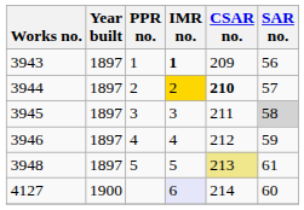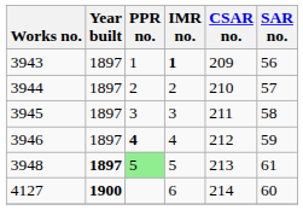 <table class="wikitable collapsible sortable" style="margin:0.5em auto; font-size:100%;">
 <tr>
 <th><br>Works no.</th>
 <th>Year<br>built</th>
 <th>PPR<br>no.</th>
 <th>IMR<br>no.</th>
 <th><a href='#'>CSAR</a><br>no.</th>
 <th><a href='#'>SAR</a><br>no.</th>
 </tr>
 <tr>
 <td>3943</td>
 <td>1897</td>
 <td>1</td>
 <td><strong>1</strong></td>
 <td>209</td>
 <td>56</td>
 </tr>
 <tr>
 <td>3944</td>
 <td>1897</td>
 <td>2</td>
-<td style="background: gold;">2</td>
-<td><strong>210</strong></td>
+<td>2</td>
+<td>210</td>
 <td>57</td>
 </tr>
 <tr>
 <td>3945</td>
 <td>1897</td>
 <td>3</td>
 <td>3</td>
 <td>211</td>
-<td style="background: lightgrey;">58</td>
+<td>58</td>
 </tr>
 <tr>
 <td>3946</td>
 <td>1897</td>
-<td>4</td>
+<td><strong>4</strong></td>
 <td>4</td>
 <td>212</td>
 <td>59</td>
 </tr>
 <tr>
 <td>3948</td>
-<td>1897</td>
+<td><strong>1897</strong></td>
+<td style="background: lightgreen;">5</td>
 <td>5</td>
-<td>5</td>
-<td style="background: khaki;">213</td>
+<td>213</td>
 <td>61</td>
 </tr>
 <tr>
 <td>4127</td>
-<td>1900</td>
+<td><strong>1900</strong></td>
 <td></td>
-<td style="background: lavender;">6</td>
+<td>6</td>
 <td>214</td>
 <td>60</td>
 </tr>
 <tr>
 </tr>
 </table>
